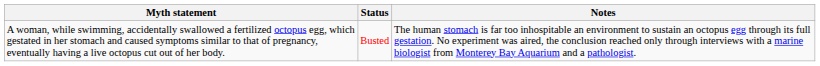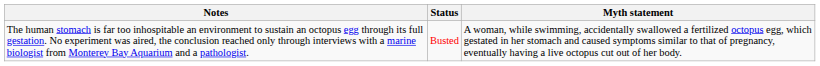 <table class="wikitable plainrowheaders">
 <tr>
+<th>Notes</th>
+<th>Status</th>
 <th>Myth statement</th>
-<th>Status</th>
-<th>Notes</th>
 </tr>
 <tr>
+<td>The human <a href='#'>stomach</a> is far too inhospitable an environment to sustain an octopus <a href='#'>egg</a> through its full <a href='#'>gestation</a>. No experiment was aired, the conclusion reached only through interviews with a <a href='#'>marine biologist</a> from <a href='#'>Monterey Bay Aquarium</a> and a <a href='#'>pathologist</a>.</td>
+<td style="color:red">Busted</td>
 <td>A woman, while swimming, accidentally swallowed a fertilized <a href='#'>octopus</a> egg, which gestated in her stomach and caused symptoms similar to that of pregnancy, eventually having a live octopus cut out of her body.</td>
-<td style="color:red">Busted</td>
-<td>The human <a href='#'>stomach</a> is far too inhospitable an environment to sustain an octopus <a href='#'>egg</a> through its full <a href='#'>gestation</a>. No experiment was aired, the conclusion reached only through interviews with a <a href='#'>marine biologist</a> from <a href='#'>Monterey Bay Aquarium</a> and a <a href='#'>pathologist</a>.</td>
 </tr>
 </table>
